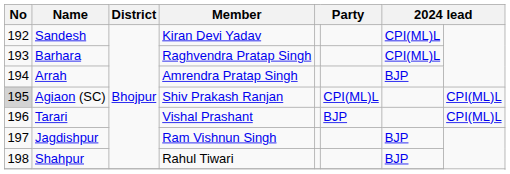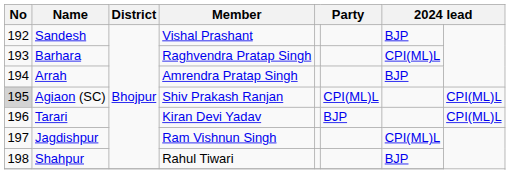 <table class="wikitable">
 <tr>
 <th>No</th>
 <th>Name</th>
 <th>District</th>
 <th>Member</th>
 <th colspan="2">Party</th>
 <th colspan="2">2024 lead</th>
 </tr>
 <tr>
 <td>192</td>
 <td><a href='#'>Sandesh</a></td>
 <td rowspan="7"><a href='#'>Bhojpur</a></td>
-<td><a href='#'>Kiran Devi Yadav</a></td>
+<td><a href='#'>Vishal Prashant</a></td>
 <td></td>
 <td style="background-color: "></td>
-<td><a href='#'>CPI(ML)L</a></td>
+<td><a href='#'>BJP</a></td>
 </tr>
 <tr>
 <td>193</td>
 <td><a href='#'>Barhara</a></td>
 <td><a href='#'>Raghvendra Pratap Singh</a></td>
 <td></td>
 <td style="background-color: "></td>
 <td><a href='#'>CPI(ML)L</a></td>
 </tr>
 <tr>
 <td>194</td>
 <td><a href='#'>Arrah</a></td>
 <td><a href='#'>Amrendra Pratap Singh</a></td>
 <td></td>
 <td style="background-color: "></td>
 <td><a href='#'>BJP</a></td>
 </tr>
 <tr>
 <td style="background: lightgrey;">195</td>
 <td><a href='#'>Agiaon</a> (SC)</td>
 <td><a href='#'>Shiv Prakash Ranjan</a></td>
 <td style=background-color:></td>
 <td><a href='#'>CPI(ML)L</a></td>
 <td style="background-color: "></td>
 <td><a href='#'>CPI(ML)L</a></td>
 </tr>
 <tr>
 <td>196</td>
 <td><a href='#'>Tarari</a></td>
-<td><a href='#'>Vishal Prashant</a></td>
+<td><a href='#'>Kiran Devi Yadav</a></td>
 <td style="background-color: "></td>
 <td><a href='#'>BJP</a></td>
 <td style="background-color: "></td>
 <td><a href='#'>CPI(ML)L</a></td>
 </tr>
 <tr>
 <td>197</td>
 <td><a href='#'>Jagdishpur</a></td>
 <td><a href='#'>Ram Vishnun Singh</a></td>
 <td></td>
 <td style="background-color: "></td>
-<td><a href='#'>BJP</a></td>
+<td><a href='#'>CPI(ML)L</a></td>
 </tr>
 <tr>
 <td>198</td>
 <td><a href='#'>Shahpur</a></td>
 <td>Rahul Tiwari</td>
 <td></td>
 <td style="background-color: "></td>
 <td><a href='#'>BJP</a></td>
 </tr>
 <tr>
 </tr>
 </table>
